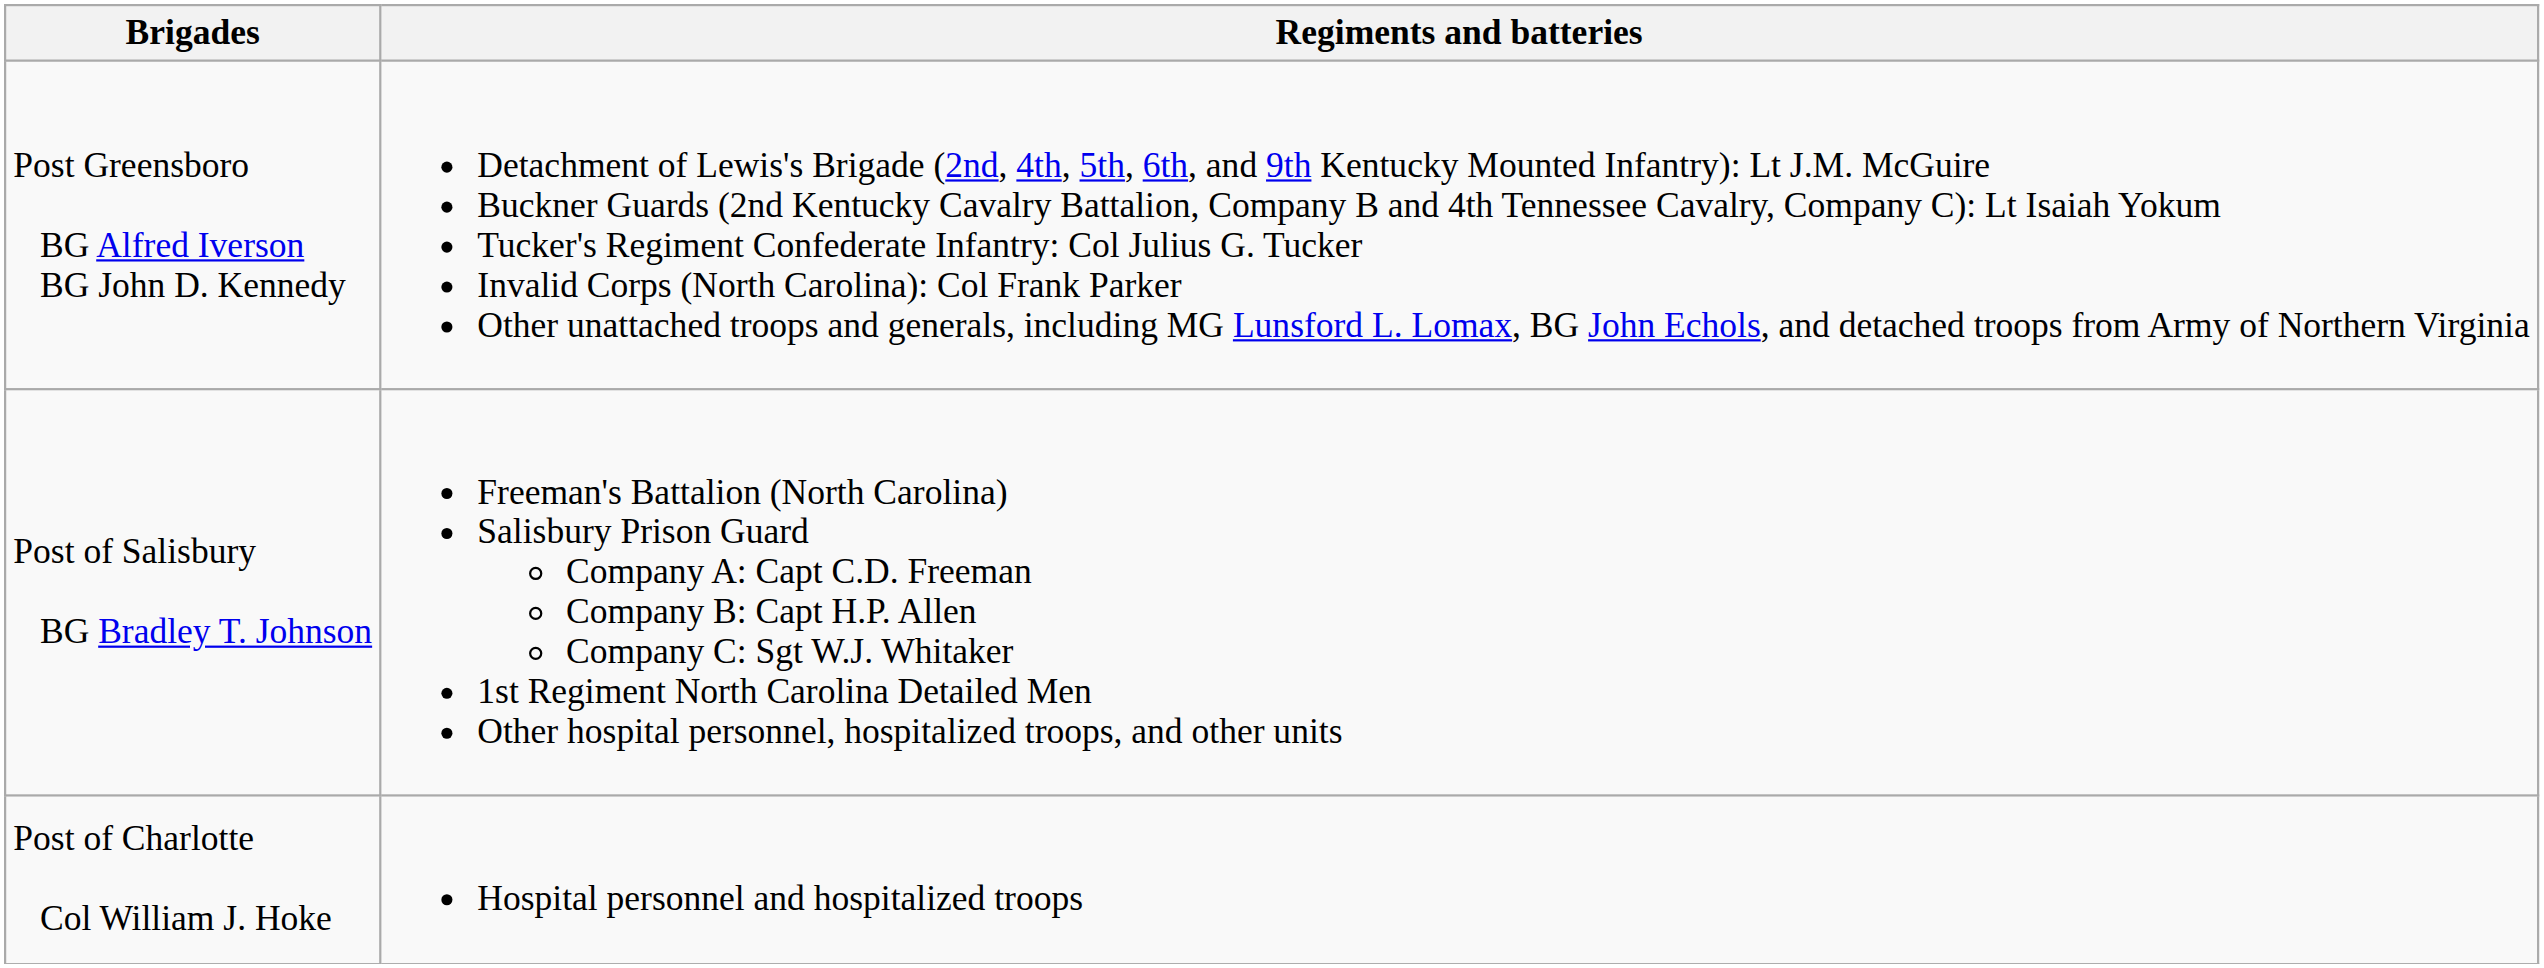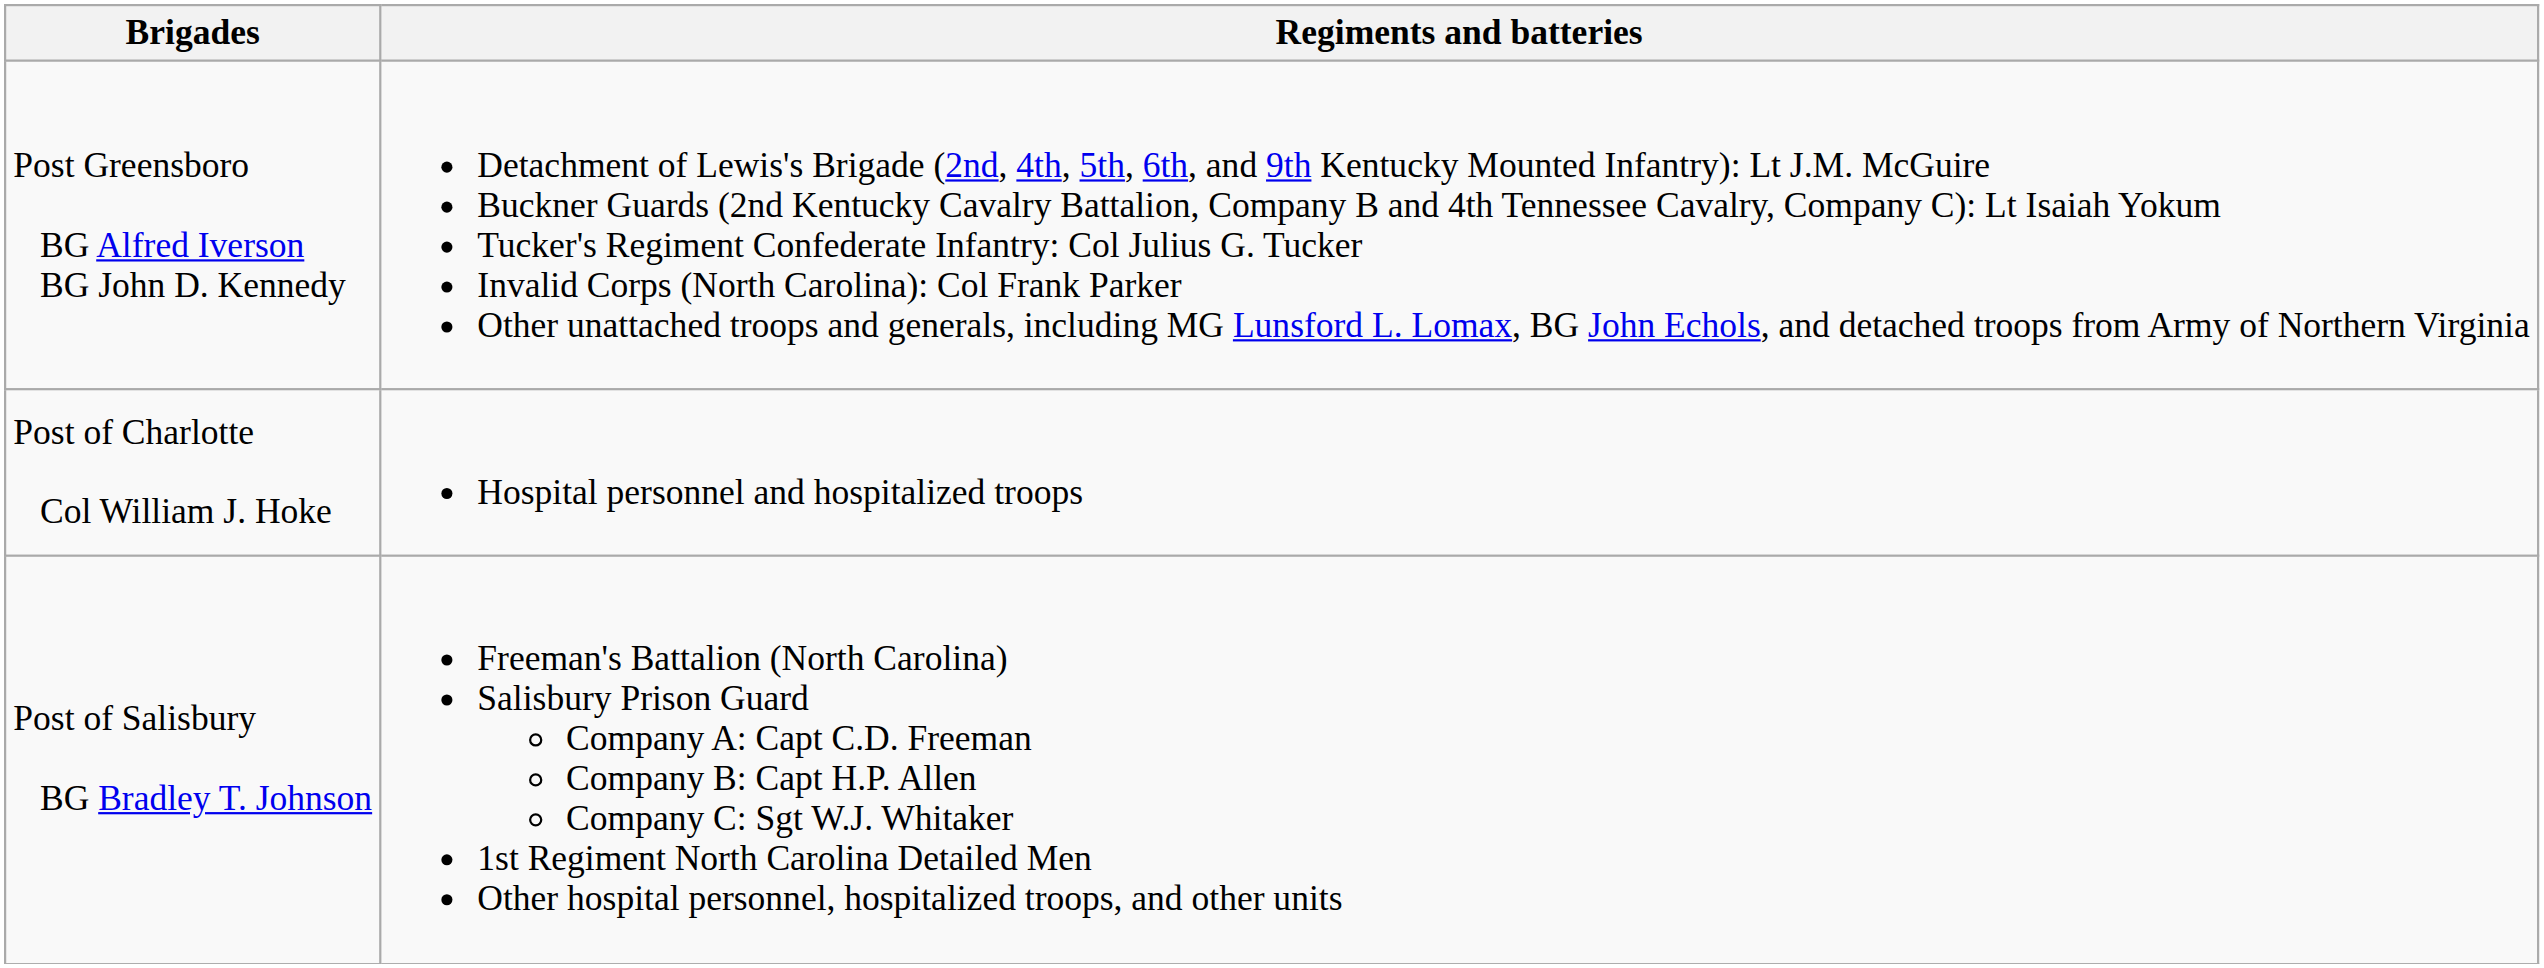 <table class="wikitable">
 <tr>
 <th><strong>Brigades</strong></th>
 <th><strong>Regiments and batteries</strong></th>
 </tr>
 <tr>
 <td>Post Greensboro<br><br>   BG <a href='#'>Alfred Iverson</a> <br>   BG John D. Kennedy</td>
 <td><br><ul><li>Detachment of Lewis's Brigade (<a href='#'>2nd</a>, <a href='#'>4th</a>, <a href='#'>5th</a>, <a href='#'>6th</a>, and <a href='#'>9th</a> Kentucky Mounted Infantry): Lt J.M. McGuire</li><li>Buckner Guards (2nd Kentucky Cavalry Battalion, Company B and 4th Tennessee Cavalry, Company C): Lt Isaiah Yokum</li><li>Tucker's Regiment Confederate Infantry: Col Julius G. Tucker</li><li>Invalid Corps (North Carolina): Col Frank Parker</li><li>Other unattached troops and generals, including MG <a href='#'>Lunsford L. Lomax</a>, BG <a href='#'>John Echols</a>, and detached troops from Army of Northern Virginia</li></ul></td>
 </tr>
 <tr>
+<td>Post of Charlotte<br><br>   Col William J. Hoke</td>
+<td><br><ul><li>Hospital personnel and hospitalized troops</li></ul></td>
+</tr>
+<tr>
 <td>Post of Salisbury<br><br>   BG <a href='#'>Bradley T. Johnson</a></td>
 <td><br><ul><li>Freeman's Battalion (North Carolina)</li><li>Salisbury Prison Guard<ul><li>Company A: Capt C.D. Freeman</li><li>Company B: Capt H.P. Allen</li><li>Company C: Sgt W.J. Whitaker</li></ul></li><li>1st Regiment North Carolina Detailed Men</li><li>Other hospital personnel, hospitalized troops, and other units</li></ul></td>
 </tr>
-<tr>
-<td>Post of Charlotte<br><br>   Col William J. Hoke</td>
-<td><br><ul><li>Hospital personnel and hospitalized troops</li></ul></td>
-</tr>
 </table>
